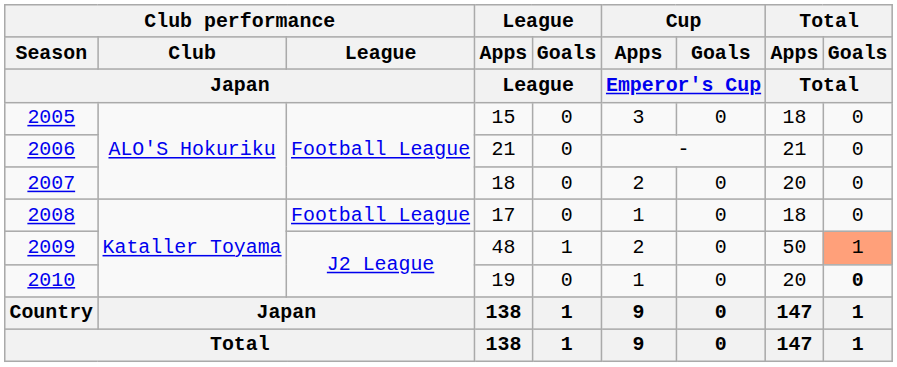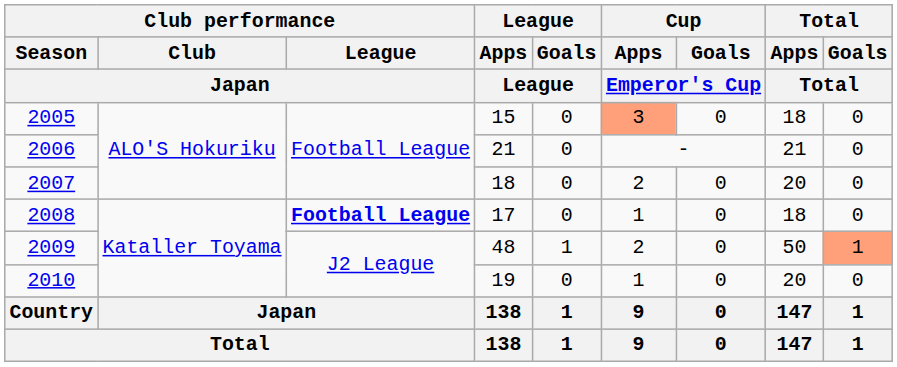 <table class="wikitable" style="text-align:center;">
 <tr>
 <th colspan=3>Club performance</th>
 <th colspan=2>League</th>
 <th colspan=2>Cup</th>
 <th colspan=2>Total</th>
 </tr>
 <tr>
 <th>Season</th>
 <th>Club</th>
 <th>League</th>
 <th>Apps</th>
 <th>Goals</th>
 <th>Apps</th>
 <th>Goals</th>
 <th>Apps</th>
 <th>Goals</th>
 </tr>
 <tr>
 <th colspan=3>Japan</th>
 <th colspan=2>League</th>
 <th colspan=2><a href='#'>Emperor's Cup</a></th>
 <th colspan=2>Total</th>
 </tr>
 <tr>
 <td><a href='#'>2005</a></td>
 <td rowspan="3"><a href='#'>ALO'S Hokuriku</a></td>
 <td rowspan="3"><a href='#'>Football League</a></td>
 <td>15</td>
 <td>0</td>
-<td>3</td>
+<td style="background: lightsalmon;">3</td>
 <td>0</td>
 <td>18</td>
 <td>0</td>
 </tr>
 <tr>
 <td><a href='#'>2006</a></td>
 <td>21</td>
 <td>0</td>
 <td colspan="2">-</td>
 <td>21</td>
 <td>0</td>
 </tr>
 <tr>
 <td><a href='#'>2007</a></td>
 <td>18</td>
 <td>0</td>
 <td>2</td>
 <td>0</td>
 <td>20</td>
 <td>0</td>
 </tr>
 <tr>
 <td><a href='#'>2008</a></td>
 <td rowspan="3"><a href='#'>Kataller Toyama</a></td>
-<td><a href='#'>Football League</a></td>
+<td><strong><a href='#'>Football League</a></strong></td>
 <td>17</td>
 <td>0</td>
 <td>1</td>
 <td>0</td>
 <td>18</td>
 <td>0</td>
 </tr>
 <tr>
 <td><a href='#'>2009</a></td>
 <td rowspan="2"><a href='#'>J2 League</a></td>
 <td>48</td>
 <td>1</td>
 <td>2</td>
 <td>0</td>
 <td>50</td>
 <td style="background: lightsalmon;">1</td>
 </tr>
 <tr>
 <td><a href='#'>2010</a></td>
 <td>19</td>
 <td>0</td>
 <td>1</td>
 <td>0</td>
 <td>20</td>
-<td><strong>0</strong></td>
+<td>0</td>
 </tr>
 <tr>
 <th rowspan=1>Country</th>
 <th colspan=2>Japan</th>
 <th>138</th>
 <th>1</th>
 <th>9</th>
 <th>0</th>
 <th>147</th>
 <th>1</th>
 </tr>
 <tr>
 <th colspan=3>Total</th>
 <th>138</th>
 <th>1</th>
 <th>9</th>
 <th>0</th>
 <th>147</th>
 <th>1</th>
 </tr>
 </table>
